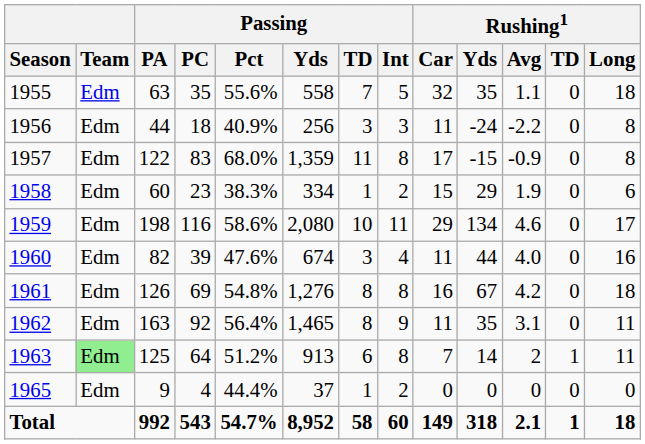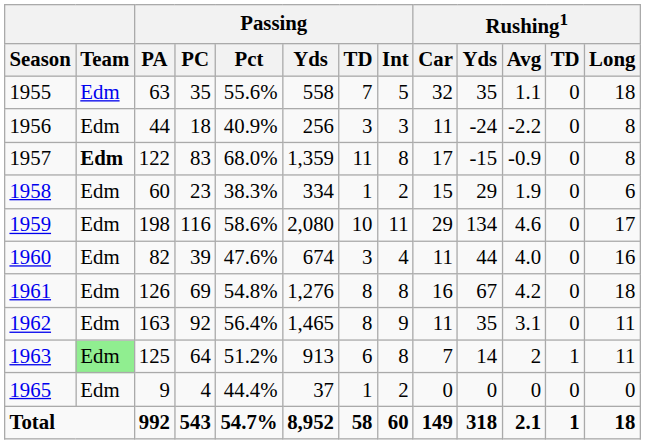 <table class="wikitable">
 <tr>
 <th colspan="2"></th>
 <th colspan="6">Passing</th>
 <th colspan="5">Rushing<sup>1</sup></th>
 </tr>
 <tr>
 <th>Season</th>
 <th>Team</th>
 <th>PA</th>
 <th>PC</th>
 <th>Pct</th>
 <th>Yds</th>
 <th>TD</th>
 <th>Int</th>
 <th>Car</th>
 <th>Yds</th>
 <th>Avg</th>
 <th>TD</th>
 <th>Long</th>
 </tr>
 <tr>
 <td>1955</td>
 <td><a href='#'>Edm</a></td>
 <td align="right">63</td>
 <td align="right">35</td>
 <td align="right">55.6%</td>
 <td align="right">558</td>
 <td align="right">7</td>
 <td align="right">5</td>
 <td align="right">32</td>
 <td align="right">35</td>
 <td align="right">1.1</td>
 <td align="right">0</td>
 <td align="right">18</td>
 </tr>
 <tr>
 <td>1956</td>
 <td>Edm</td>
 <td align="right">44</td>
 <td align="right">18</td>
 <td align="right">40.9%</td>
 <td align="right">256</td>
 <td align="right">3</td>
 <td align="right">3</td>
 <td align="right">11</td>
 <td align="right">-24</td>
 <td align="right">-2.2</td>
 <td align="right">0</td>
 <td align="right">8</td>
 </tr>
 <tr>
 <td>1957</td>
-<td>Edm</td>
+<td><strong>Edm</strong></td>
 <td align="right">122</td>
 <td align="right">83</td>
 <td align="right">68.0%</td>
 <td align="right">1,359</td>
 <td align="right">11</td>
 <td align="right">8</td>
 <td align="right">17</td>
 <td align="right">-15</td>
 <td align="right">-0.9</td>
 <td align="right">0</td>
 <td align="right">8</td>
 </tr>
 <tr>
 <td><a href='#'>1958</a></td>
 <td>Edm</td>
 <td align="right">60</td>
 <td align="right">23</td>
 <td align="right">38.3%</td>
 <td align="right">334</td>
 <td align="right">1</td>
 <td align="right">2</td>
 <td align="right">15</td>
 <td align="right">29</td>
 <td align="right">1.9</td>
 <td align="right">0</td>
 <td align="right">6</td>
 </tr>
 <tr>
 <td><a href='#'>1959</a></td>
 <td>Edm</td>
 <td align="right">198</td>
 <td align="right">116</td>
 <td align="right">58.6%</td>
 <td align="right">2,080</td>
 <td align="right">10</td>
 <td align="right">11</td>
 <td align="right">29</td>
 <td align="right">134</td>
 <td align="right">4.6</td>
 <td align="right">0</td>
 <td align="right">17</td>
 </tr>
 <tr>
 <td><a href='#'>1960</a></td>
 <td>Edm</td>
 <td align="right">82</td>
 <td align="right">39</td>
 <td align="right">47.6%</td>
 <td align="right">674</td>
 <td align="right">3</td>
 <td align="right">4</td>
 <td align="right">11</td>
 <td align="right">44</td>
 <td align="right">4.0</td>
 <td align="right">0</td>
 <td align="right">16</td>
 </tr>
 <tr>
 <td><a href='#'>1961</a></td>
 <td>Edm</td>
 <td align="right">126</td>
 <td align="right">69</td>
 <td align="right">54.8%</td>
 <td align="right">1,276</td>
 <td align="right">8</td>
 <td align="right">8</td>
 <td align="right">16</td>
 <td align="right">67</td>
 <td align="right">4.2</td>
 <td align="right">0</td>
 <td align="right">18</td>
 </tr>
 <tr>
 <td><a href='#'>1962</a></td>
 <td>Edm</td>
 <td align="right">163</td>
 <td align="right">92</td>
 <td align="right">56.4%</td>
 <td align="right">1,465</td>
 <td align="right">8</td>
 <td align="right">9</td>
 <td align="right">11</td>
 <td align="right">35</td>
 <td align="right">3.1</td>
 <td align="right">0</td>
 <td align="right">11</td>
 </tr>
 <tr>
 <td><a href='#'>1963</a></td>
 <td style="background: lightgreen;">Edm</td>
 <td align="right">125</td>
 <td align="right">64</td>
 <td align="right">51.2%</td>
 <td align="right">913</td>
 <td align="right">6</td>
 <td align="right">8</td>
 <td align="right">7</td>
 <td align="right">14</td>
 <td align="right">2</td>
 <td align="right">1</td>
 <td align="right">11</td>
 </tr>
 <tr>
 <td><a href='#'>1965</a></td>
 <td>Edm</td>
 <td align="right">9</td>
 <td align="right">4</td>
 <td align="right">44.4%</td>
 <td align="right">37</td>
 <td align="right">1</td>
 <td align="right">2</td>
 <td align="right">0</td>
 <td align="right">0</td>
 <td align="right">0</td>
 <td align="right">0</td>
 <td align="right">0</td>
 </tr>
 <tr>
 <td colspan="2"><strong>Total</strong></td>
 <td align="right"><strong>992</strong></td>
 <td align="right"><strong>543</strong></td>
 <td align="right"><strong>54.7%</strong></td>
 <td align="right"><strong>8,952</strong></td>
 <td align="right"><strong>58</strong></td>
 <td align="right"><strong>60</strong></td>
 <td align="right"><strong>149</strong></td>
 <td align="right"><strong>318</strong></td>
 <td align="right"><strong>2.1</strong></td>
 <td align="right"><strong>1</strong></td>
 <td align="right"><strong>18</strong></td>
 </tr>
 </table>
